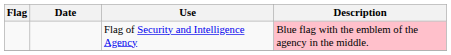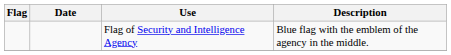 <table class="wikitable">
 <tr>
 <th>Flag</th>
 <th style="width:100px;">Date</th>
 <th style="width:250px;">Use</th>
 <th style="width:250px;">Description</th>
 </tr>
 <tr>
 <td></td>
 <td></td>
 <td>Flag of <a href='#'>Security and Intelligence Agency</a></td>
-<td style="background: pink;">Blue flag with the emblem of the agency in the middle.</td>
+<td>Blue flag with the emblem of the agency in the middle.</td>
 </tr>
 <tr>
 </tr>
 </table>
